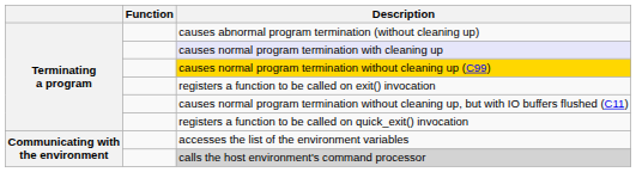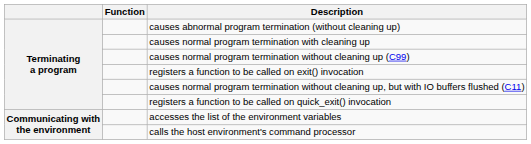 <table class="wikitable" style="font-size:0.85em">
 <tr>
 <th></th>
 <th>Function</th>
 <th>Description</th>
 </tr>
 <tr>
 <th rowspan=6>Terminating <br>a program</th>
 <td><code></code></td>
 <td>causes abnormal program termination (without cleaning up)</td>
 </tr>
 <tr>
 <td><code></code></td>
-<td style="background: lavender;">causes normal program termination with cleaning up</td>
+<td>causes normal program termination with cleaning up</td>
 </tr>
 <tr>
 <td><code></code></td>
-<td style="background: gold;">causes normal program termination without cleaning up (<a href='#'>C99</a>)</td>
+<td>causes normal program termination without cleaning up (<a href='#'>C99</a>)</td>
 </tr>
 <tr>
 <td><code></code></td>
 <td>registers a function to be called on exit() invocation</td>
 </tr>
 <tr>
 <td><code></code></td>
 <td>causes normal program termination without cleaning up, but with IO buffers flushed (<a href='#'>C11</a>)</td>
 </tr>
 <tr>
 <td><code></code></td>
 <td>registers a function to be called on quick_exit() invocation</td>
 </tr>
 <tr>
 <th rowspan=2>Communicating with<br>the environment</th>
 <td><code></code></td>
 <td>accesses the list of the environment variables</td>
 </tr>
 <tr>
 <td><code></code></td>
-<td style="background: lightgrey;">calls the host environment's command processor</td>
+<td>calls the host environment's command processor</td>
 </tr>
 </table>
